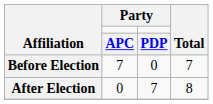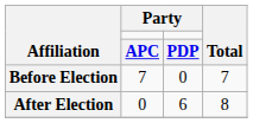 <table class=wikitable style="text-align:center">
 <tr style="vertical-align:bottom;">
 <th rowspan=3>Affiliation</th>
 <th colspan="2">Party</th>
 <th rowspan=3>Total</th>
 </tr>
 <tr>
 <td style="background-color:"></td>
 <td style="background-color:"></td>
 </tr>
 <tr>
 <th><a href='#'>APC</a></th>
 <th><a href='#'>PDP</a></th>
 </tr>
 <tr>
 <th>Before Election</th>
 <td>7</td>
 <td>0</td>
 <td>7</td>
 </tr>
 <tr>
 <th>After Election</th>
 <td>0</td>
-<td>7</td>
+<td>6</td>
 <td>8</td>
 </tr>
 <tr>
 </tr>
 </table>
